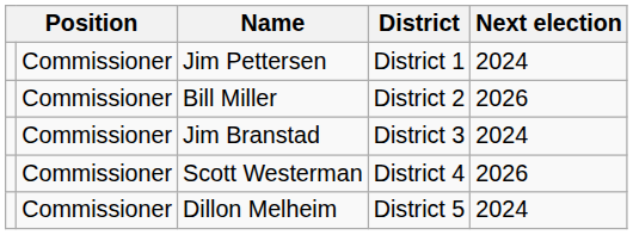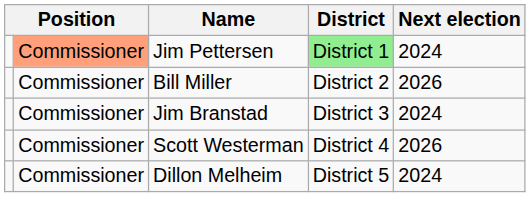 <table class="wikitable">
 <tr>
 <th colspan="2">Position</th>
 <th>Name</th>
 <th>District</th>
 <th>Next election</th>
 </tr>
 <tr>
 <td></td>
-<td>Commissioner</td>
+<td style="background: lightsalmon;">Commissioner</td>
 <td>Jim Pettersen</td>
-<td>District 1</td>
+<td style="background: lightgreen;">District 1</td>
 <td>2024</td>
 </tr>
 <tr>
 <td></td>
 <td>Commissioner</td>
 <td>Bill Miller</td>
 <td>District 2</td>
 <td>2026</td>
 </tr>
 <tr>
 <td></td>
 <td>Commissioner</td>
 <td>Jim Branstad</td>
 <td>District 3</td>
 <td>2024</td>
 </tr>
 <tr>
 <td></td>
 <td>Commissioner</td>
 <td>Scott Westerman</td>
 <td>District 4</td>
 <td>2026</td>
 </tr>
 <tr>
 <td></td>
 <td>Commissioner</td>
 <td>Dillon Melheim</td>
 <td>District 5</td>
 <td>2024</td>
 </tr>
 </table>
